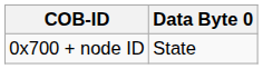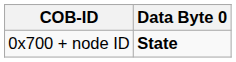 <table class="wikitable">
 <tr>
 <th>COB-ID</th>
 <th>Data Byte 0</th>
 </tr>
 <tr>
 <td>0x700 + node ID</td>
-<td>State</td>
+<td><strong>State</strong></td>
 </tr>
 </table>
